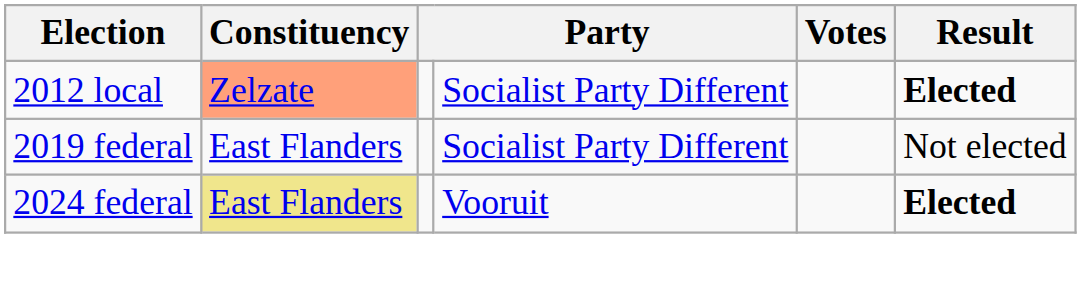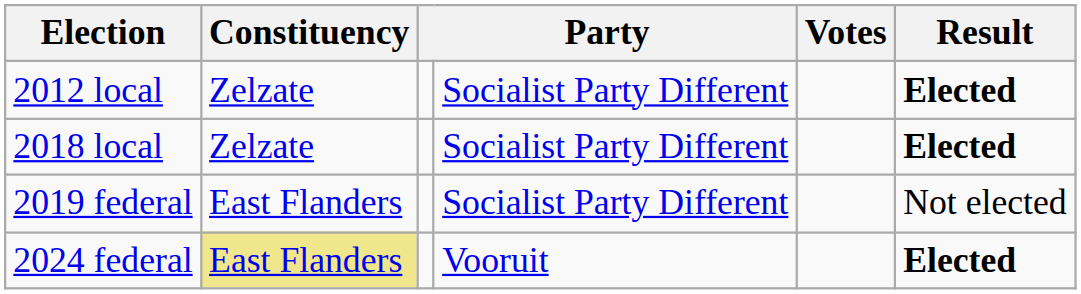 <table class="wikitable" style="text-align:left;">
 <tr>
 <th scope=col>Election</th>
 <th scope=col>Constituency</th>
 <th scope=col colspan="2">Party</th>
 <th scope=col>Votes</th>
 <th scope=col>Result</th>
 </tr>
 <tr>
 <td><a href='#'>2012 local</a></td>
-<td style="background: lightsalmon;"><a href='#'>Zelzate</a></td>
+<td><a href='#'>Zelzate</a></td>
+<td style="background:"></td>
+<td><a href='#'>Socialist Party Different</a></td>
+<td align=right></td>
+<td><strong>Elected</strong></td>
+</tr>
+<tr>
+<td><a href='#'>2018 local</a></td>
+<td><a href='#'>Zelzate</a></td>
 <td style="background:"></td>
 <td><a href='#'>Socialist Party Different</a></td>
 <td align=right></td>
 <td><strong>Elected</strong></td>
 </tr>
 <tr>
 <td><a href='#'>2019 federal</a></td>
 <td><a href='#'>East Flanders</a></td>
 <td style="background:"></td>
 <td><a href='#'>Socialist Party Different</a></td>
 <td align=right></td>
 <td>Not elected</td>
 </tr>
 <tr>
 <td><a href='#'>2024 federal</a></td>
 <td style="background: khaki;"><a href='#'>East Flanders</a></td>
 <td style="background:"></td>
 <td><a href='#'>Vooruit</a></td>
 <td align=right></td>
 <td><strong>Elected</strong></td>
 </tr>
 </table>
